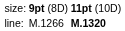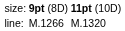 <table style="margin-left:40px;">
 <tr>
 <td>size:</td>
 <td><strong>9pt</strong> (8D)</td>
 <td><strong>11pt</strong> (10D)</td>
 </tr>
 <tr>
 <td>line:</td>
 <td>M.1266</td>
-<td><strong>M.1320</strong></td>
+<td>M.1320</td>
 </tr>
 </table>
